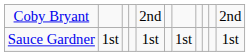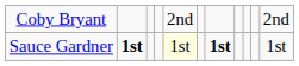 <table class="wikitable sortable sortable" style="text-align: center">
 <tr>
 <td><a href='#'>Coby Bryant</a></td>
 <td></td>
 <td></td>
 <td></td>
 <td>2nd</td>
 <td></td>
 <td></td>
 <td></td>
 <td></td>
 <td></td>
 <td>2nd</td>
 </tr>
 <tr>
 <td><a href='#'>Sauce Gardner</a></td>
-<td>1st</td>
+<td><strong>1st</strong></td>
 <td></td>
 <td></td>
-<td>1st</td>
+<td style="background: lightyellow;">1st</td>
 <td></td>
-<td>1st</td>
+<td><strong>1st</strong></td>
 <td></td>
 <td></td>
 <td></td>
 <td>1st</td>
 </tr>
 </table>
